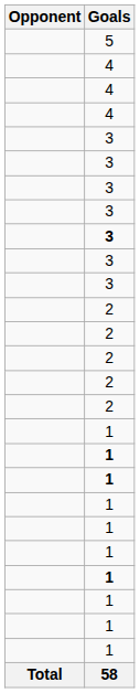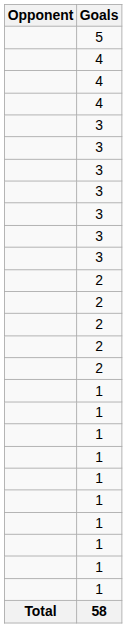 <table class="wikitable sortable">
 <tr>
 <th scope=col>Opponent</th>
 <th scope=col>Goals</th>
 </tr>
 <tr>
 <td></td>
 <td align="center">5</td>
 </tr>
 <tr>
 <td></td>
 <td align="center">4</td>
 </tr>
 <tr>
 <td></td>
 <td align="center">4</td>
 </tr>
 <tr>
 <td></td>
 <td align="center">4</td>
 </tr>
 <tr>
 <td></td>
 <td align="center">3</td>
 </tr>
 <tr>
 <td></td>
 <td align="center">3</td>
 </tr>
 <tr>
 <td></td>
 <td align="center">3</td>
 </tr>
 <tr>
 <td></td>
 <td align="center">3</td>
 </tr>
 <tr>
 <td></td>
-<td align="center"><strong>3</strong></td>
+<td align="center">3</td>
 </tr>
 <tr>
 <td></td>
 <td align="center">3</td>
 </tr>
 <tr>
 <td></td>
 <td align="center">3</td>
 </tr>
 <tr>
 <td></td>
 <td align="center">2</td>
 </tr>
 <tr>
 <td></td>
 <td align="center">2</td>
 </tr>
 <tr>
 <td></td>
 <td align="center">2</td>
 </tr>
 <tr>
 <td></td>
 <td align="center">2</td>
 </tr>
 <tr>
 <td></td>
 <td align="center">2</td>
 </tr>
 <tr>
 <td></td>
 <td align="center">1</td>
 </tr>
 <tr>
 <td></td>
-<td align="center"><strong>1</strong></td>
-</tr>
-<tr>
-<td></td>
-<td align="center"><strong>1</strong></td>
+<td align="center">1</td>
 </tr>
 <tr>
 <td></td>
 <td align="center">1</td>
 </tr>
 <tr>
 <td></td>
 <td align="center">1</td>
 </tr>
 <tr>
 <td></td>
 <td align="center">1</td>
 </tr>
 <tr>
 <td></td>
-<td align="center"><strong>1</strong></td>
+<td align="center">1</td>
+</tr>
+<tr>
+<td></td>
+<td align="center">1</td>
 </tr>
 <tr>
 <td></td>
 <td align="center">1</td>
 </tr>
 <tr>
 <td></td>
 <td align="center">1</td>
 </tr>
 <tr>
 <td></td>
 <td align="center">1</td>
 </tr>
 <tr>
 <th scope="row">Total</th>
 <th>58</th>
 </tr>
 </table>
